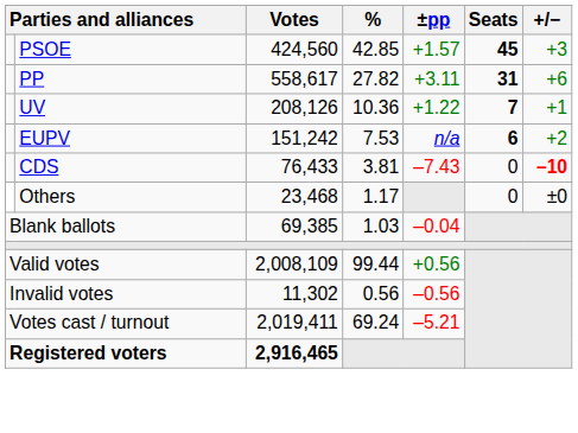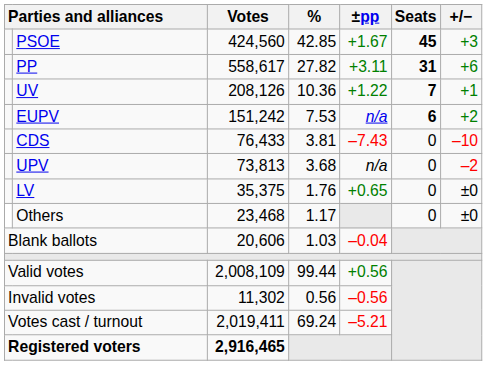 <table class="wikitable" style="text-align:right;">
 <tr>
 <th style="text-align:left;" colspan="2" width="200">Parties and alliances</th>
 <th width="75">Votes</th>
 <th width="45">%</th>
 <th width="45">±<a href='#'>pp</a></th>
 <th width="35">Seats</th>
 <th width="35">+/−</th>
 </tr>
 <tr>
 <td width="1" style="color:inherit;background:"></td>
 <td align="left"><a href='#'>PSOE</a></td>
 <td>424,560</td>
 <td>42.85</td>
-<td style="color:green;">+1.57</td>
+<td style="color:green;">+1.67</td>
 <td><strong>45</strong></td>
 <td style="color:green;">+3</td>
 </tr>
 <tr>
 <td style="color:inherit;background:"></td>
 <td align="left"><a href='#'>PP</a></td>
 <td>558,617</td>
 <td>27.82</td>
 <td style="color:green;">+3.11</td>
 <td><strong>31</strong></td>
 <td style="color:green;">+6</td>
 </tr>
 <tr>
 <td style="color:inherit;background:"></td>
 <td align="left"><a href='#'>UV</a></td>
 <td>208,126</td>
 <td>10.36</td>
 <td style="color:green;">+1.22</td>
 <td><strong>7</strong></td>
 <td style="color:green;">+1</td>
 </tr>
 <tr>
 <td style="color:inherit;background:"></td>
 <td align="left"><a href='#'>EUPV</a></td>
 <td>151,242</td>
 <td>7.53</td>
 <td><em><a href='#'>n/a</a></em></td>
 <td><strong>6</strong></td>
 <td style="color:green;">+2</td>
 </tr>
 <tr>
 <td style="color:inherit;background:"></td>
 <td align="left"><a href='#'>CDS</a></td>
 <td>76,433</td>
 <td>3.81</td>
 <td style="color:red;">–7.43</td>
 <td>0</td>
-<td style="color:red;"><strong>–10</strong></td>
+<td style="color:red;">–10</td>
+</tr>
+<tr>
+<td style="color:inherit;background:"></td>
+<td align="left"><a href='#'>UPV</a></td>
+<td>73,813</td>
+<td>3.68</td>
+<td><em>n/a</em></td>
+<td>0</td>
+<td style="color:red;">–2</td>
+</tr>
+<tr>
+<td style="color:inherit;background:"></td>
+<td align="left"><a href='#'>LV</a></td>
+<td>35,375</td>
+<td>1.76</td>
+<td style="color:green;">+0.65</td>
+<td>0</td>
+<td>±0</td>
 </tr>
 <tr>
 <td bgcolor="white"></td>
 <td align="left">Others</td>
 <td>23,468</td>
 <td>1.17</td>
 <td bgcolor="#E9E9E9"></td>
 <td>0</td>
 <td>±0</td>
 </tr>
 <tr>
 <td align="left" colspan="2">Blank ballots</td>
-<td>69,385</td>
+<td>20,606</td>
 <td>1.03</td>
 <td style="color:red;">–0.04</td>
 <td bgcolor="#E9E9E9" colspan="2"></td>
 </tr>
 <tr>
 <td colspan="7" bgcolor="#E9E9E9"></td>
 </tr>
 <tr>
 <td align="left" colspan="2">Valid votes</td>
 <td>2,008,109</td>
 <td>99.44</td>
 <td style="color:green;">+0.56</td>
 <td bgcolor="#E9E9E9" colspan="2" rowspan="4"></td>
 </tr>
 <tr>
 <td align="left" colspan="2">Invalid votes</td>
 <td>11,302</td>
 <td>0.56</td>
 <td style="color:red;">–0.56</td>
 </tr>
 <tr>
 <td align="left" colspan="2">Votes cast / turnout</td>
 <td>2,019,411</td>
 <td>69.24</td>
 <td style="color:red;">–5.21</td>
 </tr>
 <tr style="font-weight:bold;">
 <td align="left" colspan="2">Registered voters</td>
 <td>2,916,465</td>
 <td bgcolor="#E9E9E9" colspan="2"></td>
 </tr>
 </table>
